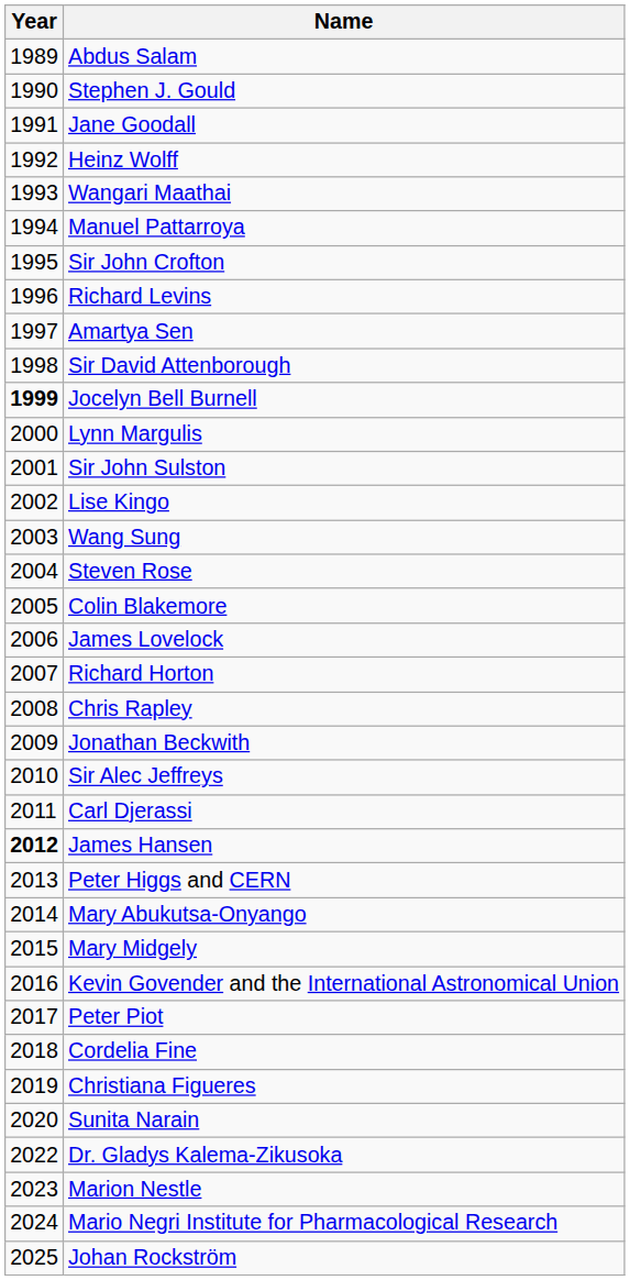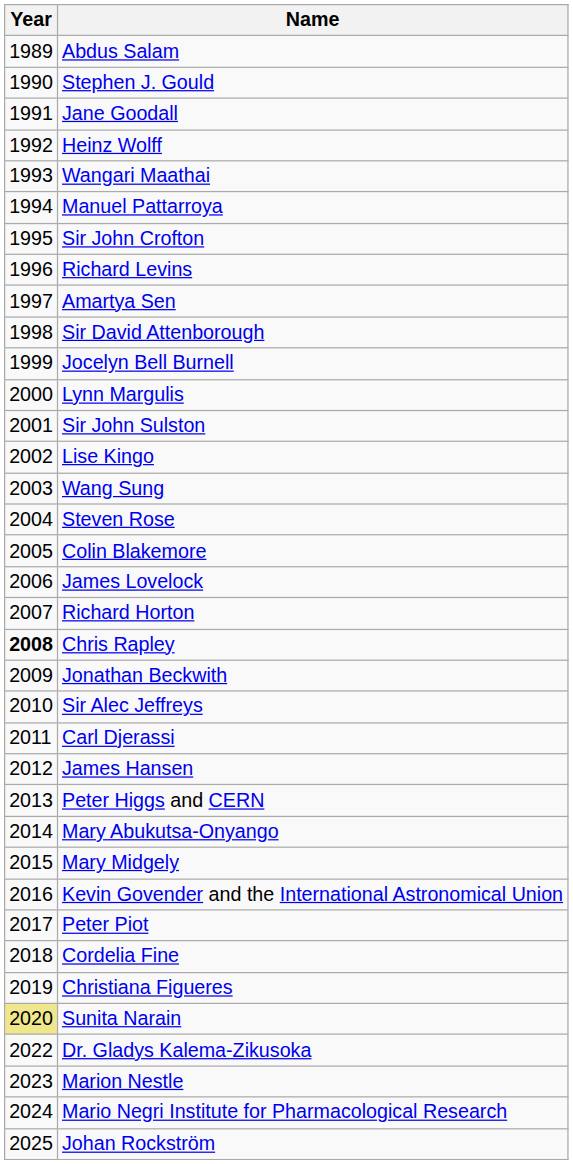 <table class="wikitable sortable">
 <tr>
 <th>Year</th>
 <th>Name</th>
 </tr>
 <tr>
 <td>1989</td>
 <td><a href='#'>Abdus Salam</a></td>
 </tr>
 <tr>
 <td>1990</td>
 <td><a href='#'>Stephen J. Gould</a></td>
 </tr>
 <tr>
 <td>1991</td>
 <td><a href='#'>Jane Goodall</a></td>
 </tr>
 <tr>
 <td>1992</td>
 <td><a href='#'>Heinz Wolff</a></td>
 </tr>
 <tr>
 <td>1993</td>
 <td><a href='#'>Wangari Maathai</a></td>
 </tr>
 <tr>
 <td>1994</td>
 <td><a href='#'>Manuel Pattarroya</a></td>
 </tr>
 <tr>
 <td>1995</td>
 <td><a href='#'>Sir John Crofton</a></td>
 </tr>
 <tr>
 <td>1996</td>
 <td><a href='#'>Richard Levins</a></td>
 </tr>
 <tr>
 <td>1997</td>
 <td><a href='#'>Amartya Sen</a></td>
 </tr>
 <tr>
 <td>1998</td>
 <td><a href='#'>Sir David Attenborough</a></td>
 </tr>
 <tr>
-<td><strong>1999</strong></td>
+<td>1999</td>
 <td><a href='#'>Jocelyn Bell Burnell</a></td>
 </tr>
 <tr>
 <td>2000</td>
 <td><a href='#'>Lynn Margulis</a></td>
 </tr>
 <tr>
 <td>2001</td>
 <td><a href='#'>Sir John Sulston</a></td>
 </tr>
 <tr>
 <td>2002</td>
 <td><a href='#'>Lise Kingo</a></td>
 </tr>
 <tr>
 <td>2003</td>
 <td><a href='#'>Wang Sung</a></td>
 </tr>
 <tr>
 <td>2004</td>
 <td><a href='#'>Steven Rose</a></td>
 </tr>
 <tr>
 <td>2005</td>
 <td><a href='#'>Colin Blakemore</a></td>
 </tr>
 <tr>
 <td>2006</td>
 <td><a href='#'>James Lovelock</a></td>
 </tr>
 <tr>
 <td>2007</td>
 <td><a href='#'>Richard Horton</a></td>
 </tr>
 <tr>
-<td>2008</td>
+<td><strong>2008</strong></td>
 <td><a href='#'>Chris Rapley</a></td>
 </tr>
 <tr>
 <td>2009</td>
 <td><a href='#'>Jonathan Beckwith</a></td>
 </tr>
 <tr>
 <td>2010</td>
 <td><a href='#'>Sir Alec Jeffreys</a></td>
 </tr>
 <tr>
 <td>2011</td>
 <td><a href='#'>Carl Djerassi</a></td>
 </tr>
 <tr>
-<td><strong>2012</strong></td>
+<td>2012</td>
 <td><a href='#'>James Hansen</a></td>
 </tr>
 <tr>
 <td>2013</td>
 <td><a href='#'>Peter Higgs</a> and <a href='#'>CERN</a></td>
 </tr>
 <tr>
 <td>2014</td>
 <td><a href='#'>Mary Abukutsa-Onyango</a></td>
 </tr>
 <tr>
 <td>2015</td>
 <td><a href='#'>Mary Midgely</a></td>
 </tr>
 <tr>
 <td>2016</td>
 <td><a href='#'>Kevin Govender</a> and the <a href='#'>International Astronomical Union</a></td>
 </tr>
 <tr>
 <td>2017</td>
 <td><a href='#'>Peter Piot</a></td>
 </tr>
 <tr>
 <td>2018</td>
 <td><a href='#'>Cordelia Fine</a></td>
 </tr>
 <tr>
 <td>2019</td>
 <td><a href='#'>Christiana Figueres</a></td>
 </tr>
 <tr>
-<td>2020</td>
+<td style="background: khaki;">2020</td>
 <td><a href='#'>Sunita Narain</a></td>
 </tr>
 <tr>
 <td>2022</td>
 <td><a href='#'>Dr. Gladys Kalema-Zikusoka</a></td>
 </tr>
 <tr>
 <td>2023</td>
 <td><a href='#'>Marion Nestle</a></td>
 </tr>
 <tr>
 <td>2024</td>
 <td><a href='#'>Mario Negri Institute for Pharmacological Research</a></td>
 </tr>
 <tr>
 <td>2025</td>
 <td><a href='#'>Johan Rockström</a></td>
 </tr>
 </table>
